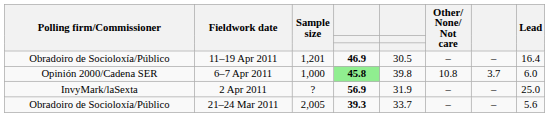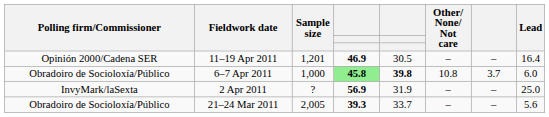 <table class="wikitable collapsible collapsed" style="text-align:center; font-size:90%; line-height:14px;">
 <tr style="height:42px;">
 <th style="width:250px;" rowspan="3">Polling firm/Commissioner</th>
 <th style="width:125px;" rowspan="3">Fieldwork date</th>
 <th style="width:50px;" rowspan="3">Sample size</th>
 <th style="width:55px;"></th>
 <th style="width:55px;"></th>
 <th style="width:55px;" rowspan="3">Other/<br>None/<br>Not<br>care</th>
 <th style="width:55px;" rowspan="3"></th>
 <th style="width:30px;" rowspan="3">Lead</th>
 </tr>
 <tr>
 <th style="color:inherit;background:"></th>
 <th style="color:inherit;background:"></th>
 </tr>
 <tr>
 <th></th>
 <th></th>
 </tr>
 <tr>
-<td>Obradoiro de Socioloxía/Público</td>
+<td>Opinión 2000/Cadena SER</td>
 <td>11–19 Apr 2011</td>
 <td>1,201</td>
 <td><strong>46.9</strong></td>
 <td>30.5</td>
 <td>–</td>
 <td>–</td>
 <td style="background:">16.4</td>
 </tr>
 <tr>
-<td>Opinión 2000/Cadena SER</td>
+<td>Obradoiro de Socioloxía/Público</td>
 <td>6–7 Apr 2011</td>
 <td>1,000</td>
 <td style="background: lightgreen;"><strong>45.8</strong></td>
-<td>39.8</td>
+<td><strong>39.8</strong></td>
 <td>10.8</td>
 <td>3.7</td>
 <td style="background:">6.0</td>
 </tr>
 <tr>
 <td>InvyMark/laSexta</td>
 <td>2 Apr 2011</td>
 <td>?</td>
 <td><strong>56.9</strong></td>
 <td>31.9</td>
 <td>–</td>
 <td>–</td>
 <td style="background:">25.0</td>
 </tr>
 <tr>
 <td>Obradoiro de Socioloxía/Público</td>
 <td>21–24 Mar 2011</td>
 <td>2,005</td>
 <td><strong>39.3</strong></td>
 <td>33.7</td>
 <td>–</td>
 <td>–</td>
 <td style="background:">5.6</td>
 </tr>
 </table>
